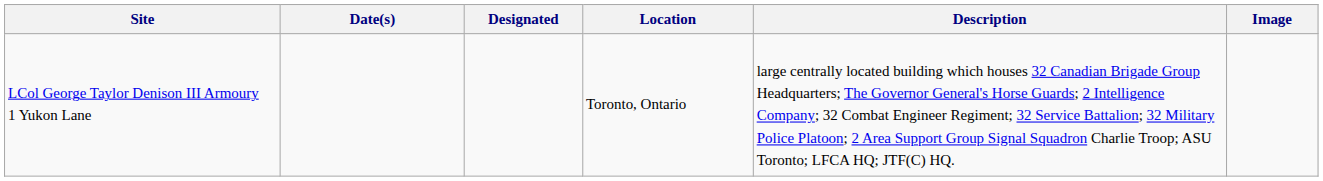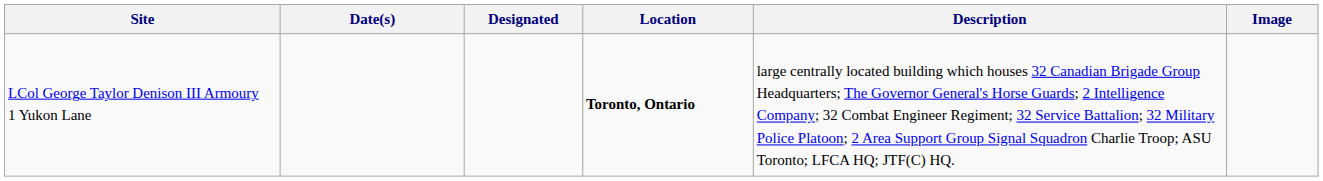 <table class="wikitable sortable" style="font-size:90%;width:100%;border:0px;text-align:left;line-height:150%;">
 <tr>
 <th style="background: #f2f2f2; color: #000080" width="21%">Site</th>
 <th style="background: #f2f2f2; color: #000080" width="14%">Date(s)</th>
 <th style="background: #f2f2f2; color: #000080" width="9%">Designated</th>
 <th style="background: #f2f2f2; color: #000080" width="13%">Location</th>
 <th style="background: #f2f2f2; color: #000080" width="36%" class="unsortable">Description</th>
 <th style="background: #f2f2f2; color: #000080" width="7%" class="unsortable">Image</th>
 </tr>
 <tr>
 <td><a href='#'>LCol George Taylor Denison III Armoury</a><br>1 Yukon Lane</td>
 <td></td>
 <td></td>
-<td>Toronto, Ontario</td>
+<td><strong>Toronto, Ontario</strong></td>
 <td><br>large centrally located building which houses <a href='#'>32 Canadian Brigade Group</a> Headquarters; <a href='#'>The Governor General's Horse Guards</a>; <a href='#'>2 Intelligence Company</a>; 32 Combat Engineer Regiment; <a href='#'>32 Service Battalion</a>; <a href='#'>32 Military Police Platoon</a>; <a href='#'>2 Area Support Group Signal Squadron</a> Charlie Troop; ASU Toronto; LFCA HQ; JTF(C) HQ.</td>
 <td></td>
 </tr>
 <tr>
 </tr>
 </table>
